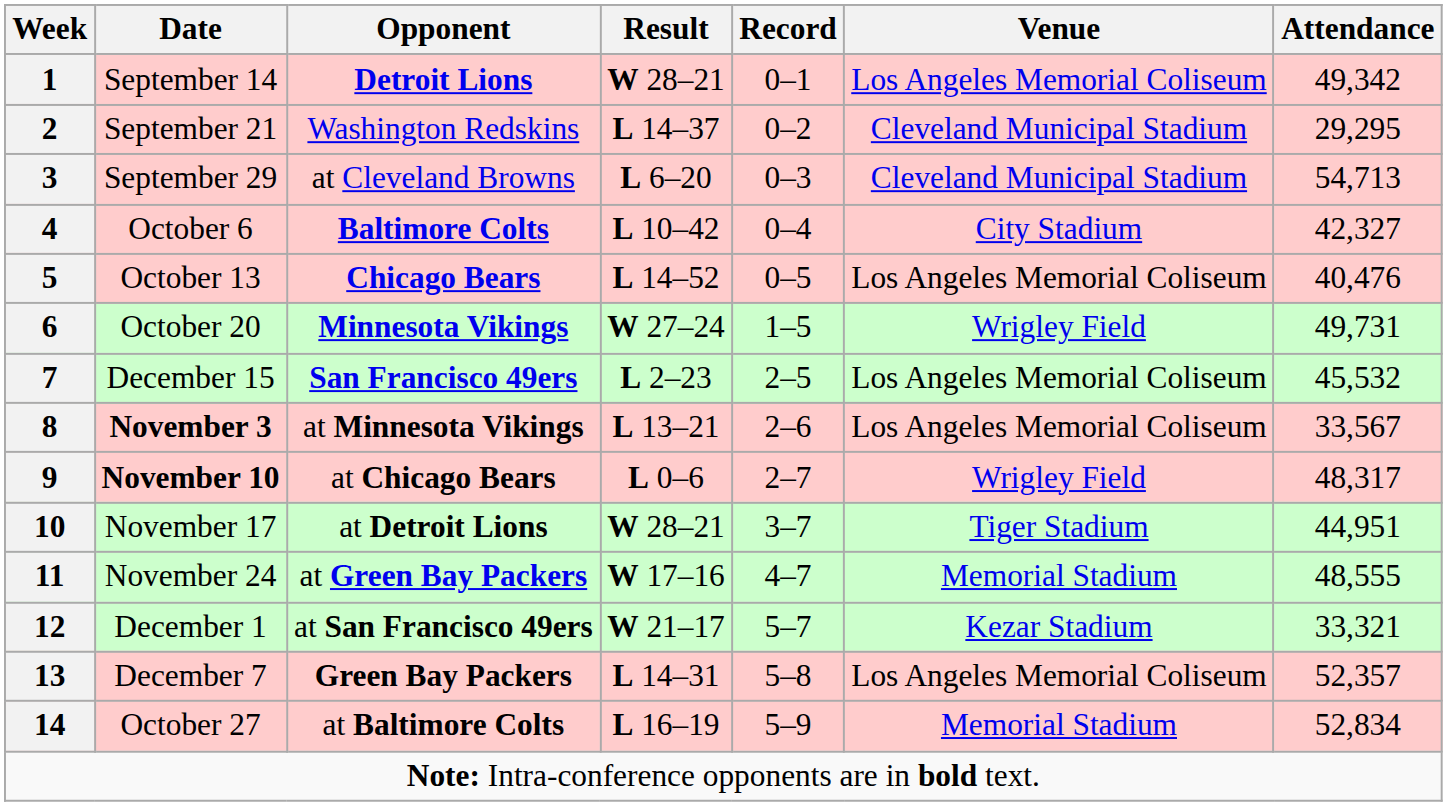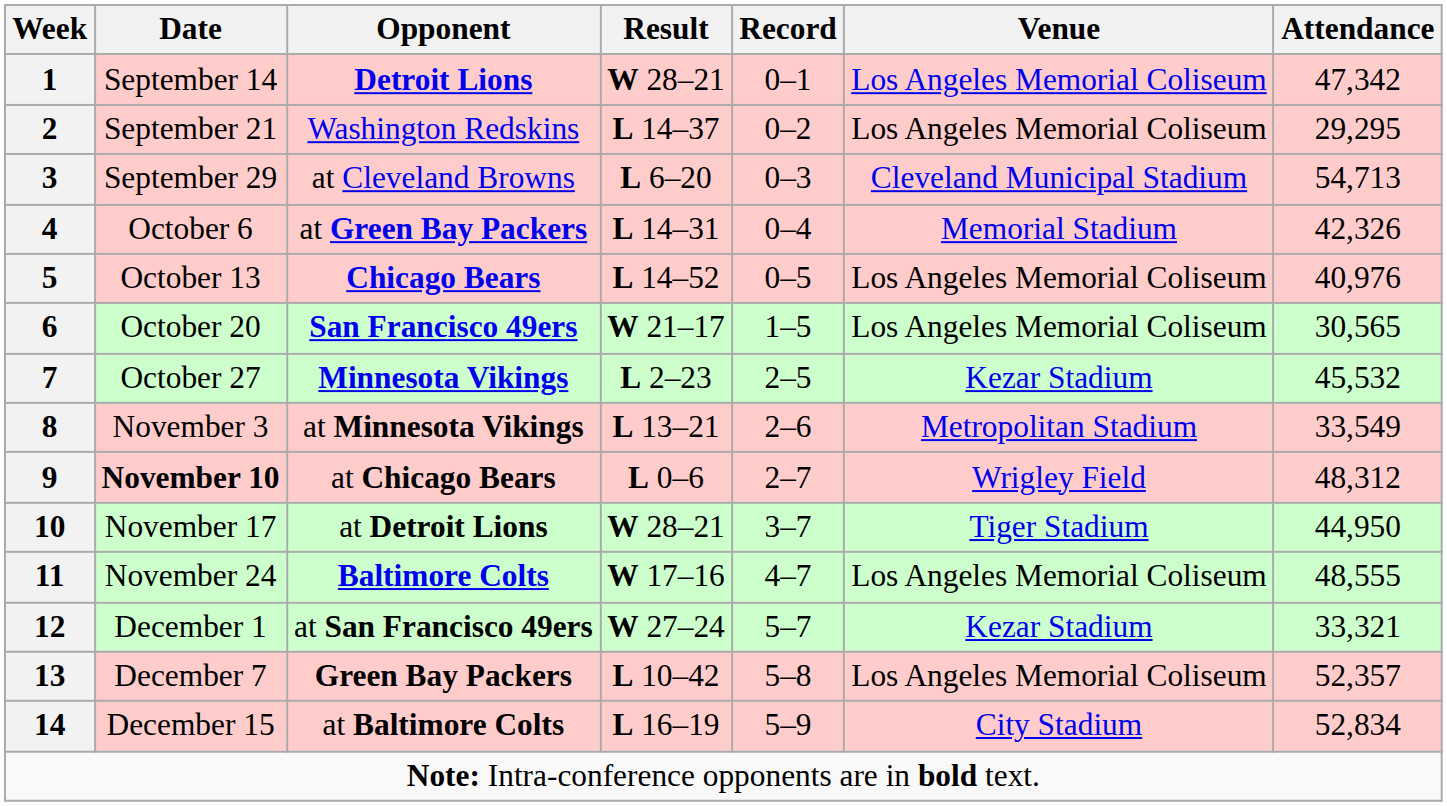 <table class="wikitable" style="text-align:center">
 <tr>
 <th>Week</th>
 <th>Date</th>
 <th>Opponent</th>
 <th>Result</th>
 <th>Record</th>
 <th>Venue</th>
 <th>Attendance</th>
 </tr>
 <tr style="background:#fcc">
 <th>1</th>
 <td>September 14</td>
 <td><strong><a href='#'>Detroit Lions</a></strong></td>
 <td><strong>W</strong> 28–21</td>
 <td>0–1</td>
 <td><a href='#'>Los Angeles Memorial Coliseum</a></td>
-<td>49,342</td>
+<td>47,342</td>
 </tr>
 <tr style="background:#fcc">
 <th>2</th>
 <td>September 21</td>
 <td><a href='#'>Washington Redskins</a></td>
 <td><strong>L</strong> 14–37</td>
 <td>0–2</td>
-<td><a href='#'>Cleveland Municipal Stadium</a></td>
+<td>Los Angeles Memorial Coliseum</td>
 <td>29,295</td>
 </tr>
 <tr style="background:#fcc">
 <th>3</th>
 <td>September 29</td>
 <td>at <a href='#'>Cleveland Browns</a></td>
 <td><strong>L</strong> 6–20</td>
 <td>0–3</td>
 <td><a href='#'>Cleveland Municipal Stadium</a></td>
 <td>54,713</td>
 </tr>
 <tr style="background:#fcc">
 <th>4</th>
 <td>October 6</td>
-<td><strong><a href='#'>Baltimore Colts</a></strong></td>
-<td><strong>L</strong> 10–42</td>
+<td>at <strong><a href='#'>Green Bay Packers</a></strong></td>
+<td><strong>L</strong> 14–31</td>
 <td>0–4</td>
-<td><a href='#'>City Stadium</a></td>
-<td>42,327</td>
+<td><a href='#'>Memorial Stadium</a></td>
+<td>42,326</td>
 </tr>
 <tr style="background:#fcc">
 <th>5</th>
 <td>October 13</td>
 <td><strong><a href='#'>Chicago Bears</a></strong></td>
 <td><strong>L</strong> 14–52</td>
 <td>0–5</td>
 <td>Los Angeles Memorial Coliseum</td>
-<td>40,476</td>
+<td>40,976</td>
 </tr>
 <tr style="background:#cfc">
 <th>6</th>
 <td>October 20</td>
-<td><strong><a href='#'>Minnesota Vikings</a></strong></td>
-<td><strong>W</strong> 27–24</td>
+<td><strong><a href='#'>San Francisco 49ers</a></strong></td>
+<td><strong>W</strong> 21–17</td>
 <td>1–5</td>
-<td><a href='#'>Wrigley Field</a></td>
-<td>49,731</td>
+<td>Los Angeles Memorial Coliseum</td>
+<td>30,565</td>
 </tr>
 <tr style="background:#cfc">
 <th>7</th>
-<td>December 15</td>
-<td><strong><a href='#'>San Francisco 49ers</a></strong></td>
+<td>October 27</td>
+<td><strong><a href='#'>Minnesota Vikings</a></strong></td>
 <td><strong>L</strong> 2–23</td>
 <td>2–5</td>
-<td>Los Angeles Memorial Coliseum</td>
+<td><a href='#'>Kezar Stadium</a></td>
 <td>45,532</td>
 </tr>
 <tr style="background:#fcc">
 <th>8</th>
-<td><strong>November 3</strong></td>
+<td>November 3</td>
 <td>at <strong>Minnesota Vikings</strong></td>
 <td><strong>L</strong> 13–21</td>
 <td>2–6</td>
-<td>Los Angeles Memorial Coliseum</td>
-<td>33,567</td>
+<td><a href='#'>Metropolitan Stadium</a></td>
+<td>33,549</td>
 </tr>
 <tr style="background:#fcc">
 <th>9</th>
 <td><strong>November 10</strong></td>
 <td>at <strong>Chicago Bears</strong></td>
 <td><strong>L</strong> 0–6</td>
 <td>2–7</td>
 <td><a href='#'>Wrigley Field</a></td>
-<td>48,317</td>
+<td>48,312</td>
 </tr>
 <tr style="background:#cfc">
 <th>10</th>
 <td>November 17</td>
 <td>at <strong>Detroit Lions</strong></td>
 <td><strong>W</strong> 28–21</td>
 <td>3–7</td>
 <td><a href='#'>Tiger Stadium</a></td>
-<td>44,951</td>
+<td>44,950</td>
 </tr>
 <tr style="background:#cfc">
 <th>11</th>
 <td>November 24</td>
-<td>at <strong><a href='#'>Green Bay Packers</a></strong></td>
+<td><strong><a href='#'>Baltimore Colts</a></strong></td>
 <td><strong>W</strong> 17–16</td>
 <td>4–7</td>
-<td><a href='#'>Memorial Stadium</a></td>
+<td>Los Angeles Memorial Coliseum</td>
 <td>48,555</td>
 </tr>
 <tr style="background:#cfc">
 <th>12</th>
 <td>December 1</td>
 <td>at <strong>San Francisco 49ers</strong></td>
-<td><strong>W</strong> 21–17</td>
+<td><strong>W</strong> 27–24</td>
 <td>5–7</td>
 <td><a href='#'>Kezar Stadium</a></td>
 <td>33,321</td>
 </tr>
 <tr style="background:#fcc">
 <th>13</th>
 <td>December 7</td>
 <td><strong>Green Bay Packers</strong></td>
-<td><strong>L</strong> 14–31</td>
+<td><strong>L</strong> 10–42</td>
 <td>5–8</td>
 <td>Los Angeles Memorial Coliseum</td>
 <td>52,357</td>
 </tr>
 <tr style="background:#fcc">
 <th>14</th>
-<td>October 27</td>
+<td>December 15</td>
 <td>at <strong>Baltimore Colts</strong></td>
 <td><strong>L</strong> 16–19</td>
 <td>5–9</td>
-<td><a href='#'>Memorial Stadium</a></td>
+<td><a href='#'>City Stadium</a></td>
 <td>52,834</td>
 </tr>
 <tr>
 <td colspan="7"><strong>Note:</strong> Intra-conference opponents are in <strong>bold</strong> text.</td>
 </tr>
 </table>
